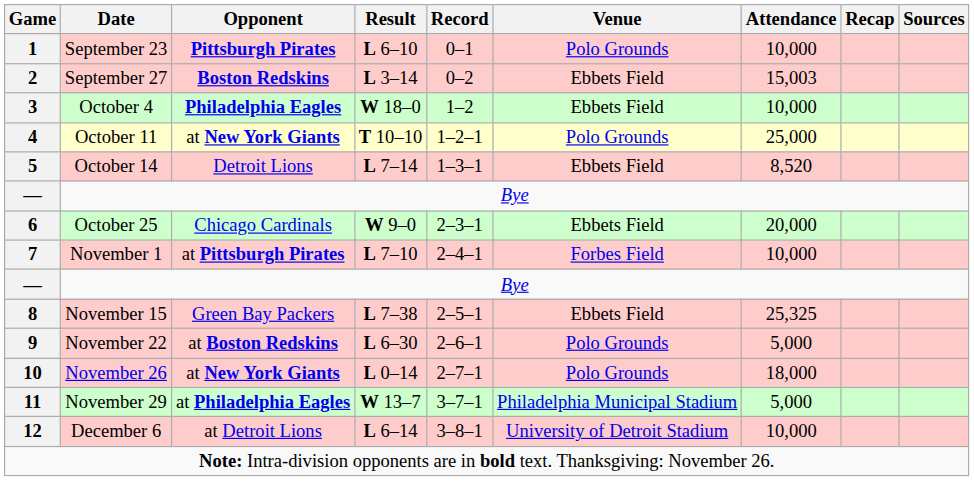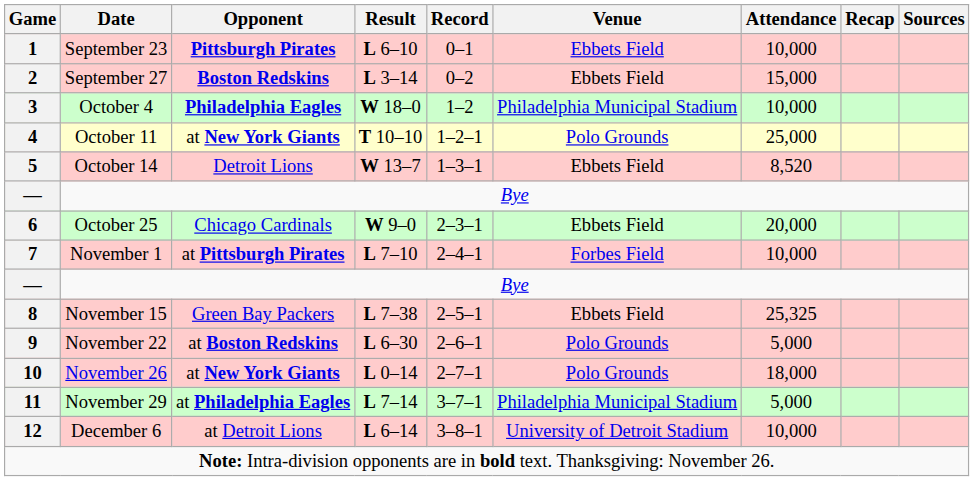 <table class="wikitable" style="text-align:center">
 <tr>
 <th>Game</th>
 <th>Date</th>
 <th>Opponent</th>
 <th>Result</th>
 <th>Record</th>
 <th>Venue</th>
 <th>Attendance</th>
 <th>Recap</th>
 <th>Sources</th>
 </tr>
 <tr style="background:#fcc">
 <th>1</th>
 <td>September 23</td>
 <td><strong><a href='#'>Pittsburgh Pirates</a></strong></td>
 <td><strong>L</strong> 6–10</td>
 <td>0–1</td>
-<td><a href='#'>Polo Grounds</a></td>
+<td><a href='#'>Ebbets Field</a></td>
 <td>10,000</td>
 <td></td>
 <td></td>
 </tr>
 <tr style="background:#fcc">
 <th>2</th>
 <td>September 27</td>
 <td><strong><a href='#'>Boston Redskins</a></strong></td>
 <td><strong>L</strong> 3–14</td>
 <td>0–2</td>
 <td>Ebbets Field</td>
-<td>15,003</td>
+<td>15,000</td>
 <td></td>
 <td></td>
 </tr>
 <tr style="background:#cfc">
 <th>3</th>
 <td>October 4</td>
 <td><strong><a href='#'>Philadelphia Eagles</a></strong></td>
 <td><strong>W</strong> 18–0</td>
 <td>1–2</td>
-<td>Ebbets Field</td>
+<td><a href='#'>Philadelphia Municipal Stadium</a></td>
 <td>10,000</td>
 <td></td>
 <td></td>
 </tr>
 <tr style="background:#ffc">
 <th>4</th>
 <td>October 11</td>
 <td>at <strong><a href='#'>New York Giants</a></strong></td>
 <td><strong>T</strong> 10–10</td>
 <td>1–2–1</td>
 <td><a href='#'>Polo Grounds</a></td>
 <td>25,000</td>
 <td></td>
 <td></td>
 </tr>
 <tr style="background:#fcc">
 <th>5</th>
 <td>October 14</td>
 <td><a href='#'>Detroit Lions</a></td>
-<td><strong>L</strong> 7–14</td>
+<td><strong>W</strong> 13–7</td>
 <td>1–3–1</td>
 <td>Ebbets Field</td>
 <td>8,520</td>
 <td></td>
 <td></td>
 </tr>
 <tr>
 <th>—</th>
 <td colspan="8"><em><a href='#'>Bye</a></em></td>
 </tr>
 <tr style="background:#cfc">
 <th>6</th>
 <td>October 25</td>
 <td><a href='#'>Chicago Cardinals</a></td>
 <td><strong>W</strong> 9–0</td>
 <td>2–3–1</td>
 <td>Ebbets Field</td>
 <td>20,000</td>
 <td></td>
 <td></td>
 </tr>
 <tr style="background:#fcc">
 <th>7</th>
 <td>November 1</td>
 <td>at <strong><a href='#'>Pittsburgh Pirates</a></strong></td>
 <td><strong>L</strong> 7–10</td>
 <td>2–4–1</td>
 <td><a href='#'>Forbes Field</a></td>
 <td>10,000</td>
 <td></td>
 <td></td>
 </tr>
 <tr>
 <th>—</th>
 <td colspan="8"><em><a href='#'>Bye</a></em></td>
 </tr>
 <tr style="background:#fcc">
 <th>8</th>
 <td>November 15</td>
 <td><a href='#'>Green Bay Packers</a></td>
 <td><strong>L</strong> 7–38</td>
 <td>2–5–1</td>
 <td>Ebbets Field</td>
 <td>25,325</td>
 <td></td>
 <td></td>
 </tr>
 <tr style="background:#fcc">
 <th>9</th>
 <td>November 22</td>
 <td>at <strong><a href='#'>Boston Redskins</a></strong></td>
 <td><strong>L</strong> 6–30</td>
 <td>2–6–1</td>
 <td><a href='#'>Polo Grounds</a></td>
 <td>5,000</td>
 <td></td>
 <td></td>
 </tr>
 <tr style="background:#fcc">
 <th>10</th>
 <td><a href='#'>November 26</a></td>
 <td>at <strong><a href='#'>New York Giants</a></strong></td>
 <td><strong>L</strong> 0–14</td>
 <td>2–7–1</td>
 <td><a href='#'>Polo Grounds</a></td>
 <td>18,000</td>
 <td></td>
 <td></td>
 </tr>
 <tr style="background:#cfc">
 <th>11</th>
 <td>November 29</td>
 <td>at <strong><a href='#'>Philadelphia Eagles</a></strong></td>
-<td><strong>W</strong> 13–7</td>
+<td><strong>L</strong> 7–14</td>
 <td>3–7–1</td>
 <td><a href='#'>Philadelphia Municipal Stadium</a></td>
 <td>5,000</td>
 <td></td>
 <td></td>
 </tr>
 <tr style="background:#fcc">
 <th>12</th>
 <td>December 6</td>
 <td>at <a href='#'>Detroit Lions</a></td>
 <td><strong>L</strong> 6–14</td>
 <td>3–8–1</td>
 <td><a href='#'>University of Detroit Stadium</a></td>
 <td>10,000</td>
 <td></td>
 <td></td>
 </tr>
 <tr>
 <td colspan="10"><strong>Note:</strong> Intra-division opponents are in <strong>bold</strong> text. Thanksgiving: November 26.</td>
 </tr>
 </table>
